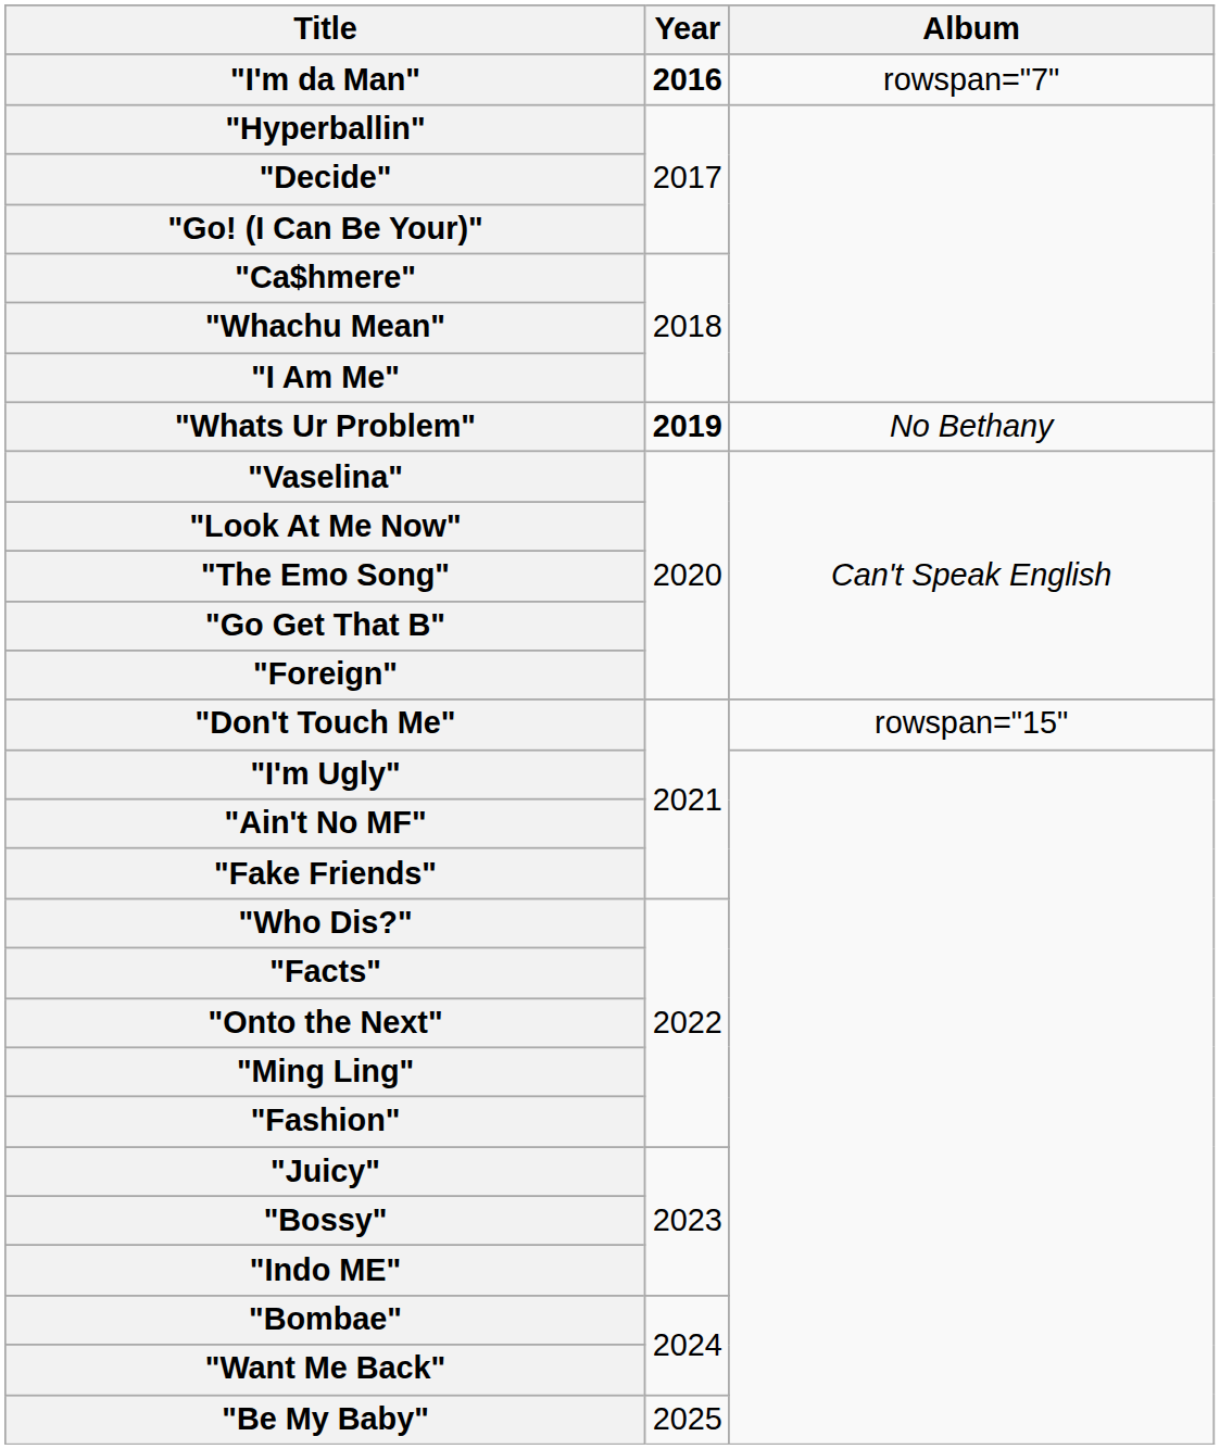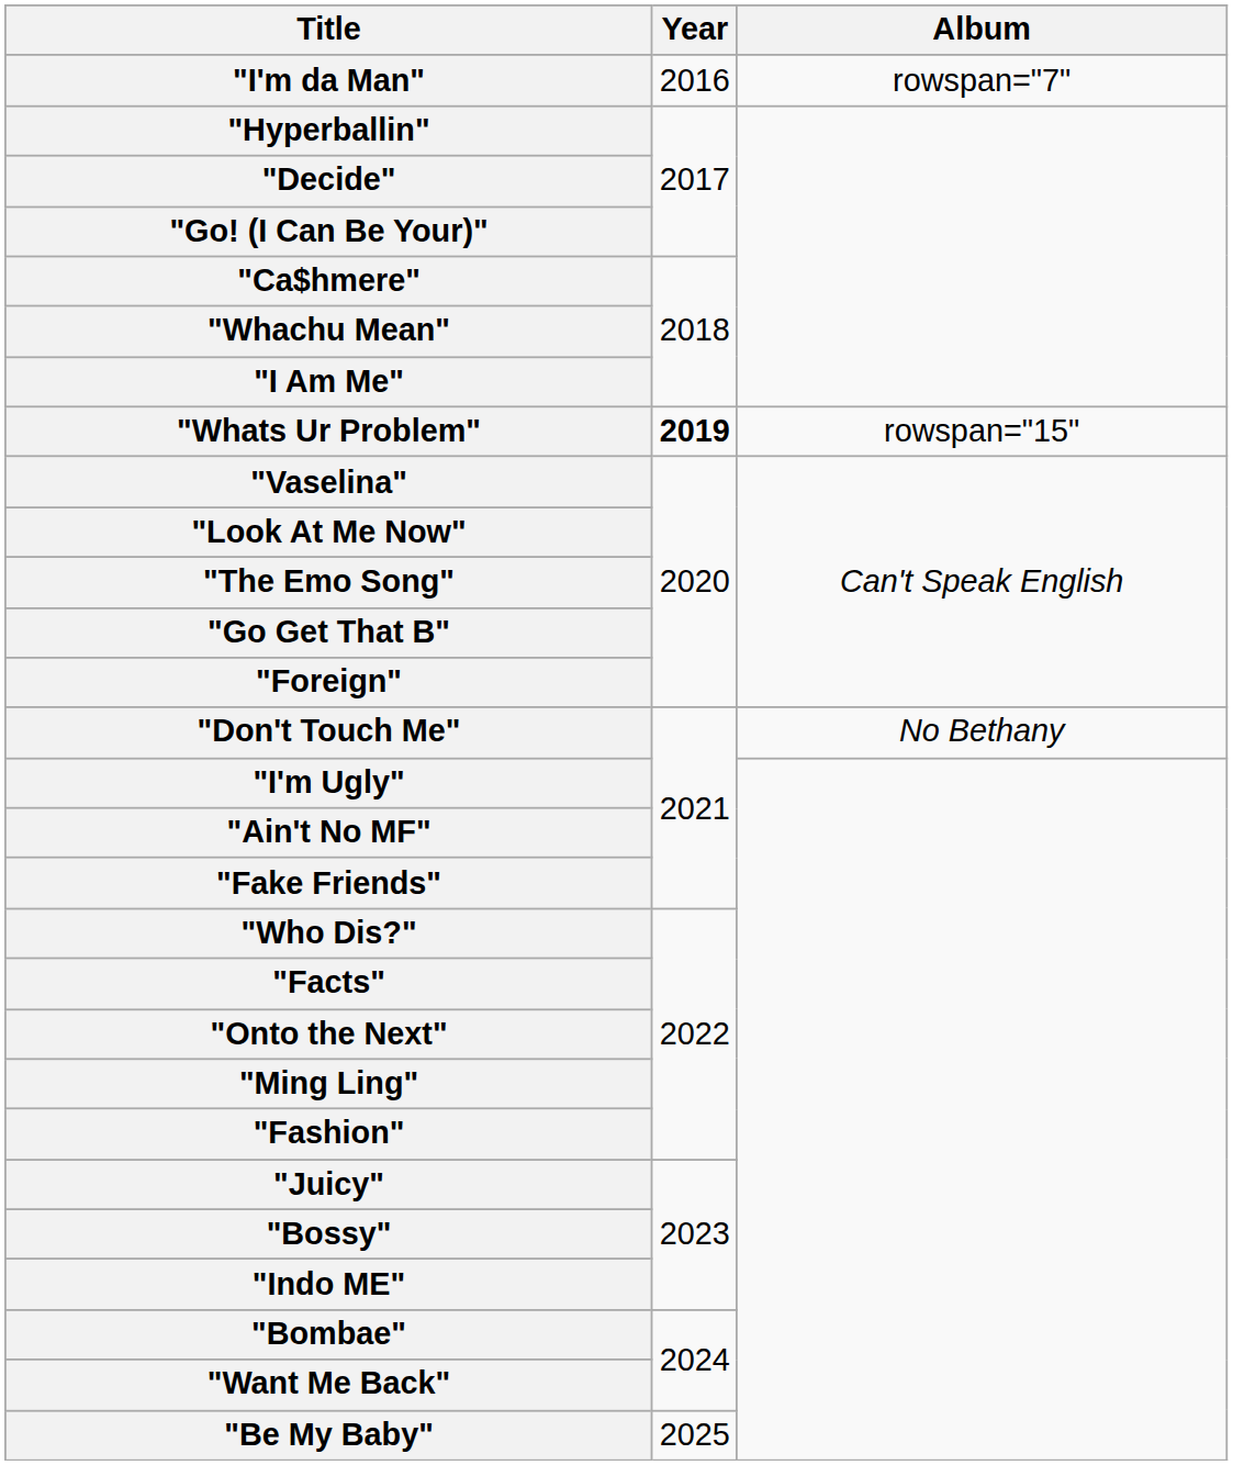 <table class="wikitable plainrowheaders" style="text-align:center">
 <tr>
 <th scope="col" style="width:20em;">Title</th>
 <th scope="col">Year</th>
 <th scope="col" style="width:15em;">Album</th>
 </tr>
 <tr>
 <th scope="row">"I'm da Man"</th>
-<td><strong>2016</strong></td>
+<td>2016</td>
 <td>rowspan="7" </td>
 </tr>
 <tr>
 <th scope="row">"Hyperballin"<br></th>
 <td rowspan="3">2017</td>
 </tr>
 <tr>
 <th scope="row">"Decide"<br></th>
 </tr>
 <tr>
 <th scope="row">"Go! (I Can Be Your)"</th>
 </tr>
 <tr>
 <th scope="row">"Ca$hmere"</th>
 <td rowspan="3">2018</td>
 </tr>
 <tr>
 <th scope="row">"Whachu Mean"</th>
 </tr>
 <tr>
 <th scope="row">"I Am Me"</th>
 </tr>
 <tr>
 <th scope="row">"Whats Ur Problem"</th>
 <td><strong>2019</strong></td>
-<td><em>No Bethany</em></td>
+<td>rowspan="15" </td>
 </tr>
 <tr>
 <th scope="row">"Vaselina"<br></th>
 <td rowspan="5">2020</td>
 <td rowspan="5"><em>Can't Speak English</em></td>
 </tr>
 <tr>
 <th scope="row">"Look At Me Now"<br></th>
 </tr>
 <tr>
 <th scope="row">"The Emo Song"<br></th>
 </tr>
 <tr>
 <th scope="row">"Go Get That B"<br></th>
 </tr>
 <tr>
 <th scope="row">"Foreign"<br></th>
 </tr>
 <tr>
 <th scope="row">"Don't Touch Me"<br></th>
 <td rowspan="4">2021</td>
-<td>rowspan="15" </td>
+<td><em>No Bethany</em></td>
 </tr>
 <tr>
 <th scope="row">"I'm Ugly"</th>
 </tr>
 <tr>
 <th scope="row">"Ain't No MF"<br></th>
 </tr>
 <tr>
 <th scope="row">"Fake Friends"</th>
 </tr>
 <tr>
 <th scope="row">"Who Dis?"</th>
 <td rowspan="5">2022</td>
 </tr>
 <tr>
 <th scope="row">"Facts"<br></th>
 </tr>
 <tr>
 <th scope="row">"Onto the Next"</th>
 </tr>
 <tr>
 <th scope="row">"Ming Ling"<br></th>
 </tr>
 <tr>
 <th scope="row">"Fashion"</th>
 </tr>
 <tr>
 <th scope="row">"Juicy"</th>
 <td rowspan="3">2023</td>
 </tr>
 <tr>
 <th scope="row">"Bossy"<br></th>
 </tr>
 <tr>
 <th scope="row">"Indo ME"<br></th>
 </tr>
 <tr>
 <th scope="row">"Bombae"<br></th>
 <td rowspan="2">2024</td>
 </tr>
 <tr>
 <th scope="row">"Want Me Back"<br></th>
 </tr>
 <tr>
 <th scope="row">"Be My Baby"<br></th>
 <td>2025</td>
 </tr>
 </table>
